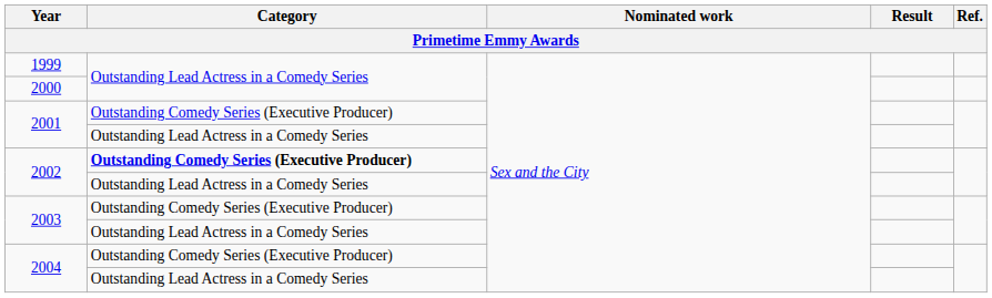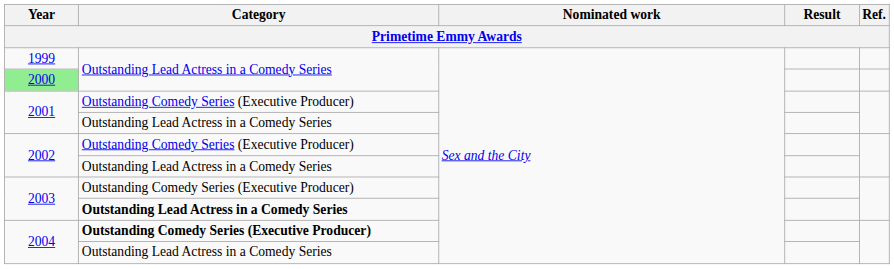 <table class=wikitable>
 <tr>
 <th scope="col" style="width:5em;">Year</th>
 <th scope="col" style="width:26em;">Category</th>
 <th scope="col" style="width:25em;">Nominated work</th>
 <th scope="col" style="width:5em;">Result</th>
 <th>Ref.</th>
 </tr>
 <tr>
 <th colspan=5><a href='#'>Primetime Emmy Awards</a></th>
 </tr>
 <tr>
 <td style="text-align:center;"><a href='#'>1999</a></td>
 <td rowspan="2"><a href='#'>Outstanding Lead Actress in a Comedy Series</a></td>
 <td rowspan="10"><em><a href='#'>Sex and the City</a></em></td>
 <td></td>
 <td></td>
 </tr>
 <tr>
-<td style="text-align:center;"><a href='#'>2000</a></td>
+<td style="background: lightgreen; text-align:center;"><a href='#'>2000</a></td>
 <td></td>
 <td></td>
 </tr>
 <tr>
 <td style="text-align:center;", rowspan="2"><a href='#'>2001</a></td>
 <td><a href='#'>Outstanding Comedy Series</a> (Executive Producer)</td>
 <td></td>
 <td rowspan="2"></td>
 </tr>
 <tr>
 <td>Outstanding Lead Actress in a Comedy Series</td>
 <td></td>
 </tr>
 <tr>
 <td style="text-align:center;", rowspan="2"><a href='#'>2002</a></td>
-<td><strong><a href='#'>Outstanding Comedy Series</a> (Executive Producer)</strong></td>
+<td><a href='#'>Outstanding Comedy Series</a> (Executive Producer)</td>
 <td></td>
 <td rowspan="2"></td>
 </tr>
 <tr>
 <td>Outstanding Lead Actress in a Comedy Series</td>
 <td></td>
 </tr>
 <tr>
 <td style="text-align:center;", rowspan="2"><a href='#'>2003</a></td>
 <td>Outstanding Comedy Series (Executive Producer)</td>
 <td></td>
 <td rowspan="2"></td>
 </tr>
 <tr>
-<td>Outstanding Lead Actress in a Comedy Series</td>
+<td><strong>Outstanding Lead Actress in a Comedy Series</strong></td>
 <td></td>
 </tr>
 <tr>
 <td style="text-align:center;", rowspan="2"><a href='#'>2004</a></td>
-<td>Outstanding Comedy Series (Executive Producer)</td>
+<td><strong>Outstanding Comedy Series (Executive Producer)</strong></td>
 <td></td>
 <td rowspan="2"></td>
 </tr>
 <tr>
 <td>Outstanding Lead Actress in a Comedy Series</td>
 <td></td>
 </tr>
 </table>
